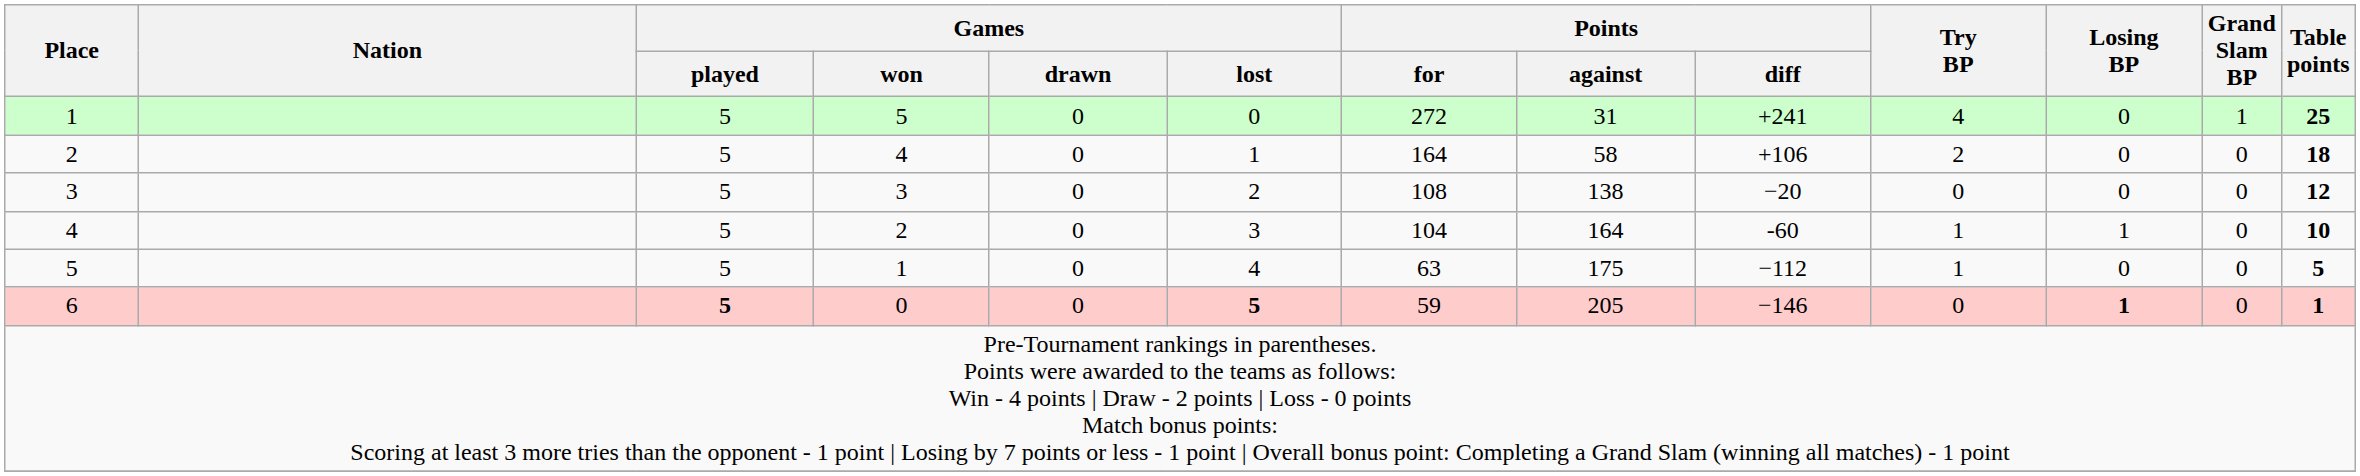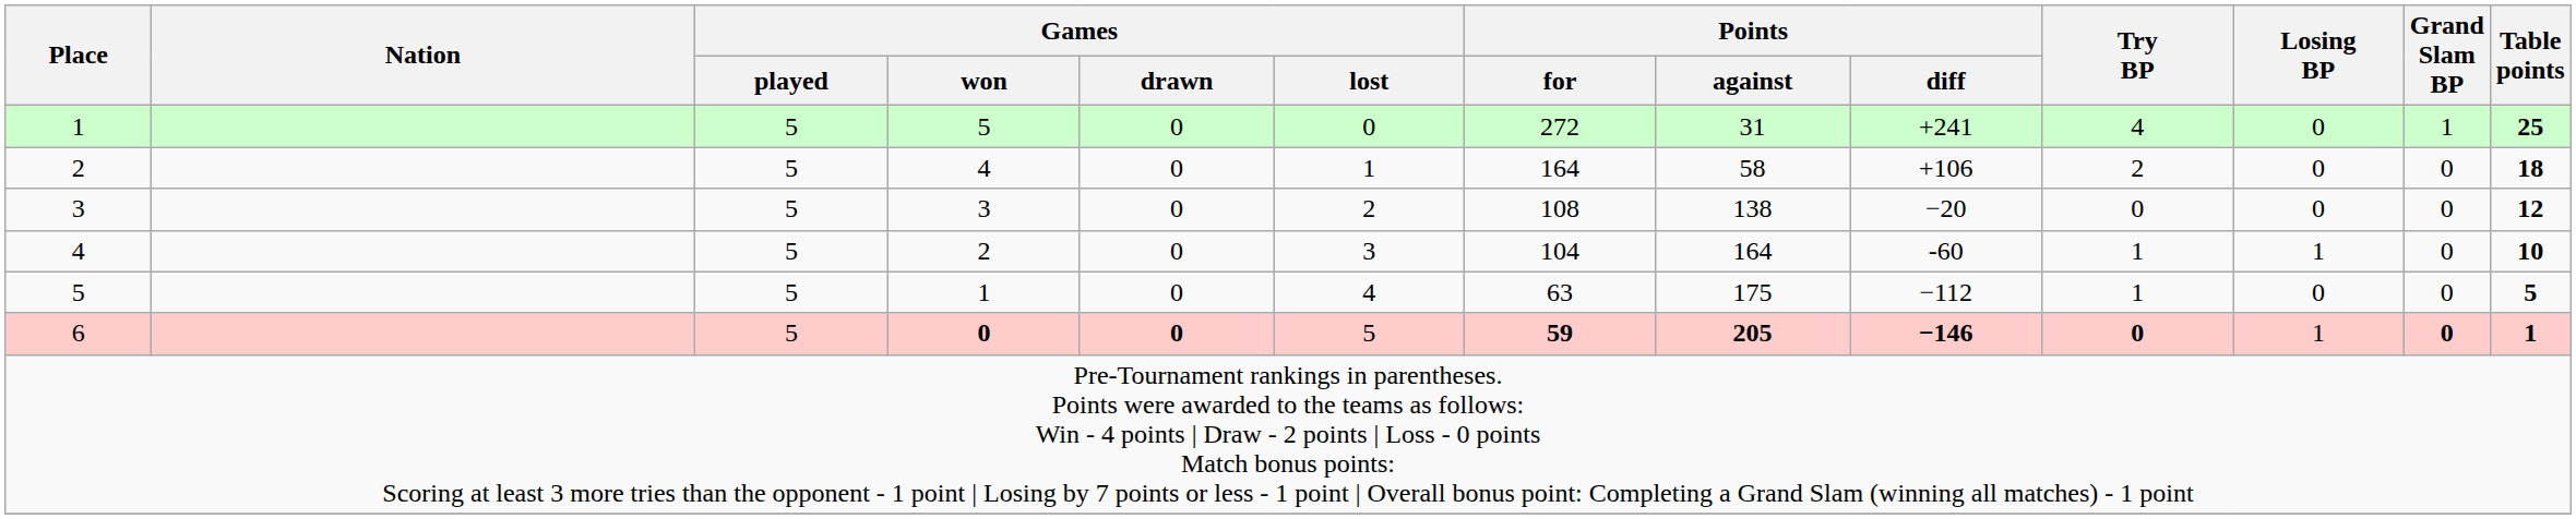 <table class="wikitable">
 <tr>
 <th rowspan=2 width="6%">Place</th>
 <th rowspan=2 width="23%">Nation</th>
 <th colspan=4 width="40%">Games</th>
 <th colspan=3 width="24%">Points</th>
 <th rowspan=2 width="8%">Try<br>BP</th>
 <th rowspan=2 width="8%">Losing<br>BP</th>
 <th rowspan=2 width="8%">Grand Slam<br>BP</th>
 <th rowspan=2 width="10%">Table<br>points</th>
 </tr>
 <tr>
 <th width="8%">played</th>
 <th width="8%">won</th>
 <th width="8%">drawn</th>
 <th width="8%">lost</th>
 <th width="8%">for</th>
 <th width="8%">against</th>
 <th width="8%">diff</th>
 </tr>
 <tr align=center  bgcolor="#ccffcc">
 <td>1</td>
 <td align=left></td>
 <td>5</td>
 <td>5</td>
 <td>0</td>
 <td>0</td>
 <td>272</td>
 <td>31</td>
 <td>+241</td>
 <td>4</td>
 <td>0</td>
 <td>1</td>
 <td><strong>25</strong></td>
 </tr>
 <tr align=center>
 <td>2</td>
 <td align=left></td>
 <td>5</td>
 <td>4</td>
 <td>0</td>
 <td>1</td>
 <td>164</td>
 <td>58</td>
 <td>+106</td>
 <td>2</td>
 <td>0</td>
 <td>0</td>
 <td><strong>18</strong></td>
 </tr>
 <tr align=center>
 <td>3</td>
 <td align=left></td>
 <td>5</td>
 <td>3</td>
 <td>0</td>
 <td>2</td>
 <td>108</td>
 <td>138</td>
 <td>−20</td>
 <td>0</td>
 <td>0</td>
 <td>0</td>
 <td><strong>12</strong></td>
 </tr>
 <tr align=center>
 <td>4</td>
 <td align=left></td>
 <td>5</td>
 <td>2</td>
 <td>0</td>
 <td>3</td>
 <td>104</td>
 <td>164</td>
 <td>-60</td>
 <td>1</td>
 <td>1</td>
 <td>0</td>
 <td><strong>10</strong></td>
 </tr>
 <tr align=center>
 <td>5</td>
 <td align=left></td>
 <td>5</td>
 <td>1</td>
 <td>0</td>
 <td>4</td>
 <td>63</td>
 <td>175</td>
 <td>−112</td>
 <td>1</td>
 <td>0</td>
 <td>0</td>
 <td><strong>5</strong></td>
 </tr>
 <tr align=center style="background:#fcc">
 <td>6</td>
 <td align=left></td>
-<td><strong>5</strong></td>
-<td>0</td>
-<td>0</td>
-<td><strong>5</strong></td>
-<td>59</td>
-<td>205</td>
-<td>−146</td>
-<td>0</td>
-<td><strong>1</strong></td>
-<td>0</td>
+<td>5</td>
+<td><strong>0</strong></td>
+<td><strong>0</strong></td>
+<td>5</td>
+<td><strong>59</strong></td>
+<td><strong>205</strong></td>
+<td><strong>−146</strong></td>
+<td><strong>0</strong></td>
+<td>1</td>
+<td><strong>0</strong></td>
 <td><strong>1</strong></td>
 </tr>
 <tr>
 <td style="text-align:center;" colspan="100">Pre-Tournament rankings in parentheses. <br> Points were awarded to the teams as follows:<br>Win - 4 points | Draw - 2 points | Loss - 0 points <br> Match bonus points:<br>Scoring at least 3 more tries than the opponent - 1 point | Losing by 7 points or less - 1 point | Overall bonus point: Completing a Grand Slam (winning all matches) - 1 point</td>
 </tr>
 <tr>
 </tr>
 </table>
